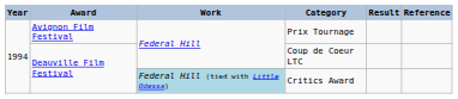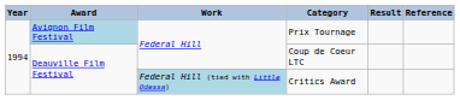 <table class="wikitable" style="font-size:90%">
 <tr style="text-align:center;">
 <th style="background:#B0C4DE;">Year</th>
 <th style="background:#B0C4DE;">Award</th>
 <th style="background:#B0C4DE;">Work</th>
 <th style="background:#B0C4DE;">Category</th>
 <th style="background:#B0C4DE;">Result</th>
 <th style="background:#B0C4DE;">Reference</th>
 </tr>
 <tr>
 <td rowspan="3">1994</td>
-<td><a href='#'>Avignon Film Festival</a></td>
+<td style="background: lightblue;"><a href='#'>Avignon Film Festival</a></td>
 <td rowspan="2"><em><a href='#'>Federal Hill</a></em></td>
 <td>Prix Tournage</td>
 <td></td>
 <td></td>
 </tr>
 <tr>
 <td rowspan="2"><a href='#'>Deauville Film Festival</a></td>
 <td>Coup de Coeur LTC</td>
 <td></td>
 <td></td>
 </tr>
 <tr>
 <td style="background: lightblue;"><em>Federal Hill</em> <small>(tied with <em><a href='#'>Little Odessa</a></em>)</small></td>
 <td>Critics Award</td>
 <td></td>
 <td></td>
 </tr>
 </table>
